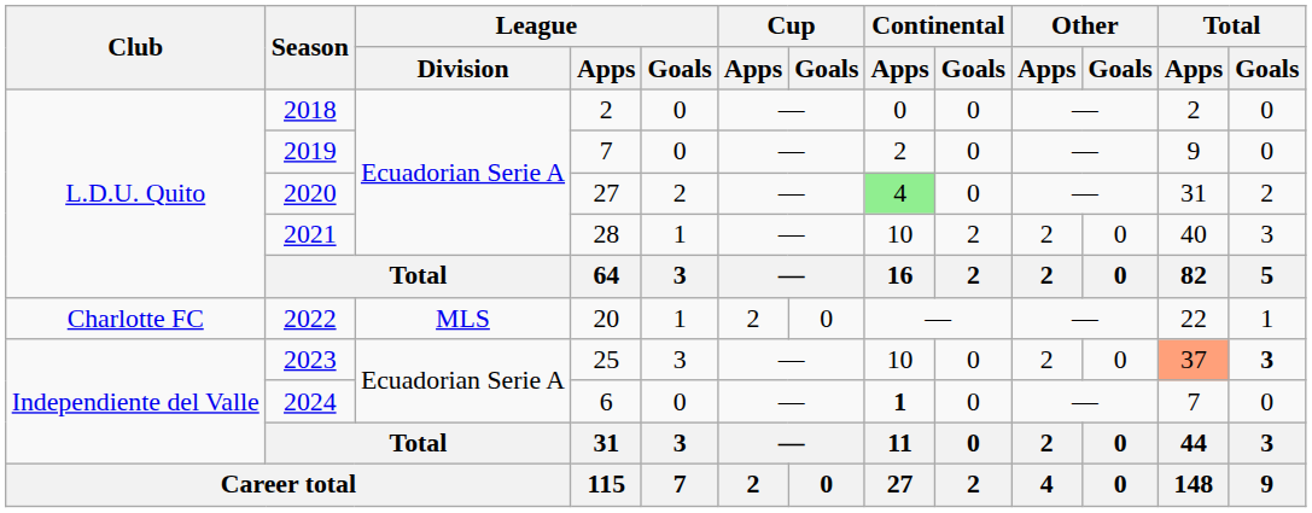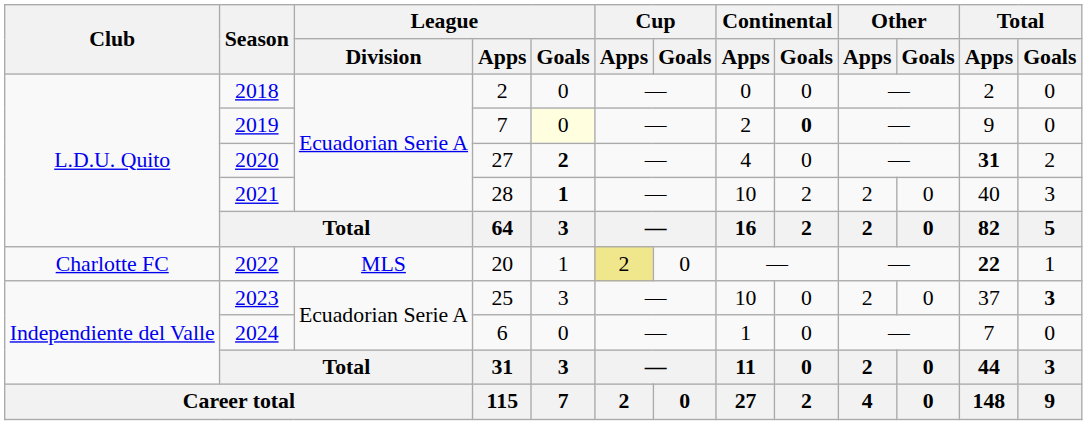 <table class="wikitable" style="text-align:center">
 <tr>
 <th rowspan="2">Club</th>
 <th rowspan="2">Season</th>
 <th colspan="3">League</th>
 <th colspan="2">Cup</th>
 <th colspan="2">Continental</th>
 <th colspan="2">Other</th>
 <th colspan="2">Total</th>
 </tr>
 <tr>
 <th>Division</th>
 <th>Apps</th>
 <th>Goals</th>
 <th>Apps</th>
 <th>Goals</th>
 <th>Apps</th>
 <th>Goals</th>
 <th>Apps</th>
 <th>Goals</th>
 <th>Apps</th>
 <th>Goals</th>
 </tr>
 <tr>
 <td rowspan="5"><a href='#'>L.D.U. Quito</a></td>
 <td><a href='#'>2018</a></td>
 <td rowspan="4"><a href='#'>Ecuadorian Serie A</a></td>
 <td>2</td>
 <td>0</td>
 <td colspan="2">—</td>
 <td>0</td>
 <td>0</td>
 <td colspan="2">—</td>
 <td>2</td>
 <td>0</td>
 </tr>
 <tr>
 <td><a href='#'>2019</a></td>
 <td>7</td>
-<td>0</td>
+<td style="background: lightyellow;">0</td>
 <td colspan="2">—</td>
 <td>2</td>
-<td>0</td>
+<td><strong>0</strong></td>
 <td colspan="2">—</td>
 <td>9</td>
 <td>0</td>
 </tr>
 <tr>
 <td><a href='#'>2020</a></td>
 <td>27</td>
-<td>2</td>
+<td><strong>2</strong></td>
 <td colspan="2">—</td>
-<td style="background: lightgreen;">4</td>
+<td>4</td>
 <td>0</td>
 <td colspan="2">—</td>
-<td>31</td>
+<td><strong>31</strong></td>
 <td>2</td>
 </tr>
 <tr>
 <td><a href='#'>2021</a></td>
 <td>28</td>
-<td>1</td>
+<td><strong>1</strong></td>
 <td colspan="2">—</td>
 <td>10</td>
 <td>2</td>
 <td>2</td>
 <td>0</td>
 <td>40</td>
 <td>3</td>
 </tr>
 <tr>
 <th colspan="2">Total</th>
 <th>64</th>
 <th>3</th>
 <th colspan="2">—</th>
 <th>16</th>
 <th>2</th>
 <th>2</th>
 <th>0</th>
 <th>82</th>
 <th>5</th>
 </tr>
 <tr>
 <td><a href='#'>Charlotte FC</a></td>
 <td><a href='#'>2022</a></td>
 <td><a href='#'>MLS</a></td>
 <td>20</td>
 <td>1</td>
-<td>2</td>
+<td style="background: khaki;">2</td>
 <td>0</td>
 <td colspan="2">—</td>
 <td colspan="2">—</td>
-<td>22</td>
+<td><strong>22</strong></td>
 <td>1</td>
 </tr>
 <tr>
 <td rowspan="3"><a href='#'>Independiente del Valle</a></td>
 <td><a href='#'>2023</a></td>
 <td rowspan="2">Ecuadorian Serie A</td>
 <td>25</td>
 <td>3</td>
 <td colspan="2">—</td>
 <td>10</td>
 <td>0</td>
 <td>2</td>
 <td>0</td>
-<td style="background: lightsalmon;">37</td>
+<td>37</td>
 <td><strong>3</strong></td>
 </tr>
 <tr>
 <td><a href='#'>2024</a></td>
 <td>6</td>
 <td>0</td>
 <td colspan="2">—</td>
-<td><strong>1</strong></td>
+<td>1</td>
 <td>0</td>
 <td colspan="2">—</td>
 <td>7</td>
 <td>0</td>
 </tr>
 <tr>
 <th colspan="2">Total</th>
 <th>31</th>
 <th>3</th>
 <th colspan="2">—</th>
 <th>11</th>
 <th>0</th>
 <th>2</th>
 <th>0</th>
 <th>44</th>
 <th>3</th>
 </tr>
 <tr>
 <th colspan="3">Career total</th>
 <th>115</th>
 <th>7</th>
 <th>2</th>
 <th>0</th>
 <th>27</th>
 <th>2</th>
 <th>4</th>
 <th>0</th>
 <th>148</th>
 <th>9</th>
 </tr>
 </table>
